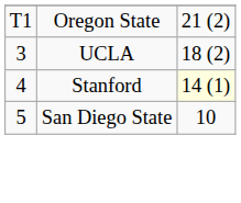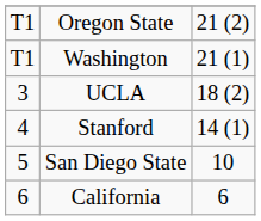 <table class="wikitable" style="display: inline-table;">
 <tr align="center">
 </tr>
 <tr align="center">
 <td>T1</td>
 <td>Oregon State</td>
 <td>21 (2)</td>
 </tr>
 <tr align="center">
+<td>T1</td>
+<td>Washington</td>
+<td>21 (1)</td>
+</tr>
+<tr align="center">
 <td>3</td>
 <td>UCLA</td>
 <td>18 (2)</td>
 </tr>
 <tr align="center">
 <td>4</td>
 <td>Stanford</td>
-<td style="background: lightyellow;">14 (1)</td>
+<td>14 (1)</td>
 </tr>
 <tr align="center">
 <td>5</td>
 <td>San Diego State</td>
 <td>10</td>
 </tr>
+<tr align="center">
+<td>6</td>
+<td>California</td>
+<td>6</td>
+</tr>
 </table>
